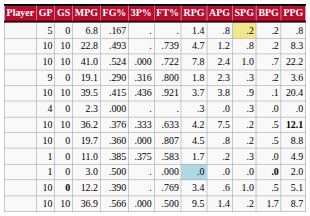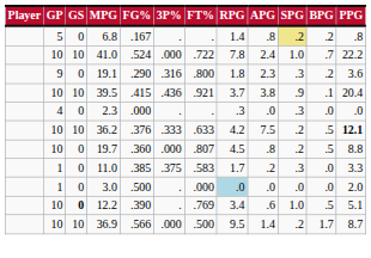 <table class="wikitable sortable" style="text-align:right;">
 <tr>
 <th style="background:#BA0C2F; color:#FFFFFF; border-top:#010101 3px solid; border-bottom:#010101 3px solid;">Player</th>
 <th style="background:#BA0C2F; color:#FFFFFF; border-top:#010101 3px solid; border-bottom:#010101 3px solid;">GP</th>
 <th style="background:#BA0C2F; color:#FFFFFF; border-top:#010101 3px solid; border-bottom:#010101 3px solid;">GS</th>
 <th style="background:#BA0C2F; color:#FFFFFF; border-top:#010101 3px solid; border-bottom:#010101 3px solid;">MPG</th>
 <th style="background:#BA0C2F; color:#FFFFFF; border-top:#010101 3px solid; border-bottom:#010101 3px solid;">FG%</th>
 <th style="background:#BA0C2F; color:#FFFFFF; border-top:#010101 3px solid; border-bottom:#010101 3px solid;">3P%</th>
 <th style="background:#BA0C2F; color:#FFFFFF; border-top:#010101 3px solid; border-bottom:#010101 3px solid;">FT%</th>
 <th style="background:#BA0C2F; color:#FFFFFF; border-top:#010101 3px solid; border-bottom:#010101 3px solid;">RPG</th>
 <th style="background:#BA0C2F; color:#FFFFFF; border-top:#010101 3px solid; border-bottom:#010101 3px solid;">APG</th>
 <th style="background:#BA0C2F; color:#FFFFFF; border-top:#010101 3px solid; border-bottom:#010101 3px solid;">SPG</th>
 <th style="background:#BA0C2F; color:#FFFFFF; border-top:#010101 3px solid; border-bottom:#010101 3px solid;">BPG</th>
 <th style="background:#BA0C2F; color:#FFFFFF; border-top:#010101 3px solid; border-bottom:#010101 3px solid;">PPG</th>
 </tr>
 <tr>
 <td></td>
 <td>5</td>
 <td>0</td>
 <td>6.8</td>
 <td>.167</td>
 <td>.</td>
 <td>.</td>
 <td>1.4</td>
 <td>.8</td>
 <td style="background: khaki;">.2</td>
 <td>.2</td>
 <td>.8</td>
-</tr>
-<tr>
-<td></td>
-<td>10</td>
-<td>10</td>
-<td>22.8</td>
-<td>.493</td>
-<td>.</td>
-<td>.739</td>
-<td>4.7</td>
-<td>1.2</td>
-<td>.8</td>
-<td>.2</td>
-<td>8.3</td>
 </tr>
 <tr>
 <td></td>
 <td>10</td>
 <td>10</td>
 <td>41.0</td>
 <td>.524</td>
 <td>.000</td>
 <td>.722</td>
 <td>7.8</td>
 <td>2.4</td>
 <td>1.0</td>
 <td>.7</td>
 <td>22.2</td>
 </tr>
 <tr>
 <td></td>
 <td>9</td>
 <td>0</td>
 <td>19.1</td>
 <td>.290</td>
 <td>.316</td>
 <td>.800</td>
 <td>1.8</td>
 <td>2.3</td>
 <td>.3</td>
 <td>.2</td>
 <td>3.6</td>
 </tr>
 <tr>
 <td></td>
 <td>10</td>
 <td>10</td>
 <td>39.5</td>
 <td>.415</td>
 <td>.436</td>
 <td>.921</td>
 <td>3.7</td>
 <td>3.8</td>
 <td>.9</td>
 <td>.1</td>
 <td>20.4</td>
 </tr>
 <tr>
 <td></td>
 <td>4</td>
 <td>0</td>
 <td>2.3</td>
 <td>.000</td>
 <td>.</td>
 <td>.</td>
 <td>.3</td>
 <td>.0</td>
 <td>.3</td>
 <td>.0</td>
 <td>.0</td>
 </tr>
 <tr>
 <td></td>
 <td>10</td>
 <td>10</td>
 <td>36.2</td>
 <td>.376</td>
 <td>.333</td>
 <td>.633</td>
 <td>4.2</td>
 <td>7.5</td>
 <td>.2</td>
 <td>.5</td>
 <td><strong>12.1</strong></td>
 </tr>
 <tr>
 <td></td>
 <td>10</td>
 <td>0</td>
 <td>19.7</td>
 <td>.360</td>
 <td>.000</td>
 <td>.807</td>
 <td>4.5</td>
 <td>.8</td>
 <td>.2</td>
 <td>.5</td>
 <td>8.8</td>
 </tr>
 <tr>
 <td></td>
 <td>1</td>
 <td>0</td>
 <td>11.0</td>
 <td>.385</td>
 <td>.375</td>
 <td>.583</td>
 <td>1.7</td>
 <td>.2</td>
 <td>.3</td>
 <td>.0</td>
-<td>4.9</td>
+<td>3.3</td>
 </tr>
 <tr>
 <td></td>
 <td>1</td>
 <td>0</td>
 <td>3.0</td>
 <td>.500</td>
 <td>.</td>
 <td>.000</td>
 <td style="background: lightblue;">.0</td>
 <td>.0</td>
 <td>.0</td>
-<td><strong>.0</strong></td>
+<td>.0</td>
 <td>2.0</td>
 </tr>
 <tr>
 <td></td>
 <td>10</td>
 <td><strong>0</strong></td>
 <td>12.2</td>
 <td>.390</td>
 <td>.</td>
 <td>.769</td>
 <td>3.4</td>
 <td>.6</td>
 <td>1.0</td>
 <td>.5</td>
 <td>5.1</td>
 </tr>
 <tr>
 <td></td>
 <td>10</td>
 <td>10</td>
 <td>36.9</td>
 <td>.566</td>
 <td>.000</td>
 <td>.500</td>
 <td>9.5</td>
 <td>1.4</td>
 <td>.2</td>
 <td>1.7</td>
 <td>8.7</td>
 </tr>
 </table>
